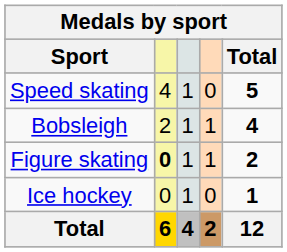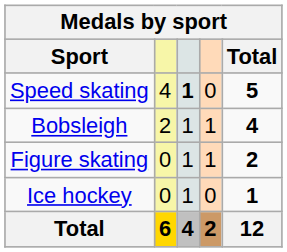 <table class=wikitable style=font-size:85%;float:right;text-align:center>
 <tr>
 <th colspan=5>Medals by sport</th>
 </tr>
 <tr>
 <th>Sport</th>
 <td bgcolor=F7F6A8></td>
 <td bgcolor=DCE5E5></td>
 <td bgcolor=FFDAB9></td>
 <th>Total</th>
 </tr>
 <tr>
 <td><a href='#'>Speed skating</a></td>
 <td bgcolor=F7F6A8>4</td>
-<td bgcolor=DCE5E5>1</td>
+<td bgcolor=DCE5E5><strong>1</strong></td>
 <td bgcolor=FFDAB9>0</td>
 <td><strong>5</strong></td>
 </tr>
 <tr>
 <td><a href='#'>Bobsleigh</a></td>
 <td bgcolor=F7F6A8>2</td>
 <td bgcolor=DCE5E5>1</td>
 <td bgcolor=FFDAB9>1</td>
 <td><strong>4</strong></td>
 </tr>
 <tr>
 <td><a href='#'>Figure skating</a></td>
-<td bgcolor=F7F6A8><strong>0</strong></td>
+<td bgcolor=F7F6A8>0</td>
 <td bgcolor=DCE5E5>1</td>
 <td bgcolor=FFDAB9>1</td>
 <td><strong>2</strong></td>
 </tr>
 <tr>
 <td><a href='#'>Ice hockey</a></td>
 <td bgcolor=F7F6A8>0</td>
 <td bgcolor=DCE5E5>1</td>
 <td bgcolor=FFDAB9>0</td>
 <td><strong>1</strong></td>
 </tr>
 <tr>
 <th>Total</th>
 <th style=background:gold>6</th>
 <th style=background:silver>4</th>
 <th style=background:#c96>2</th>
 <th>12</th>
 </tr>
 </table>
